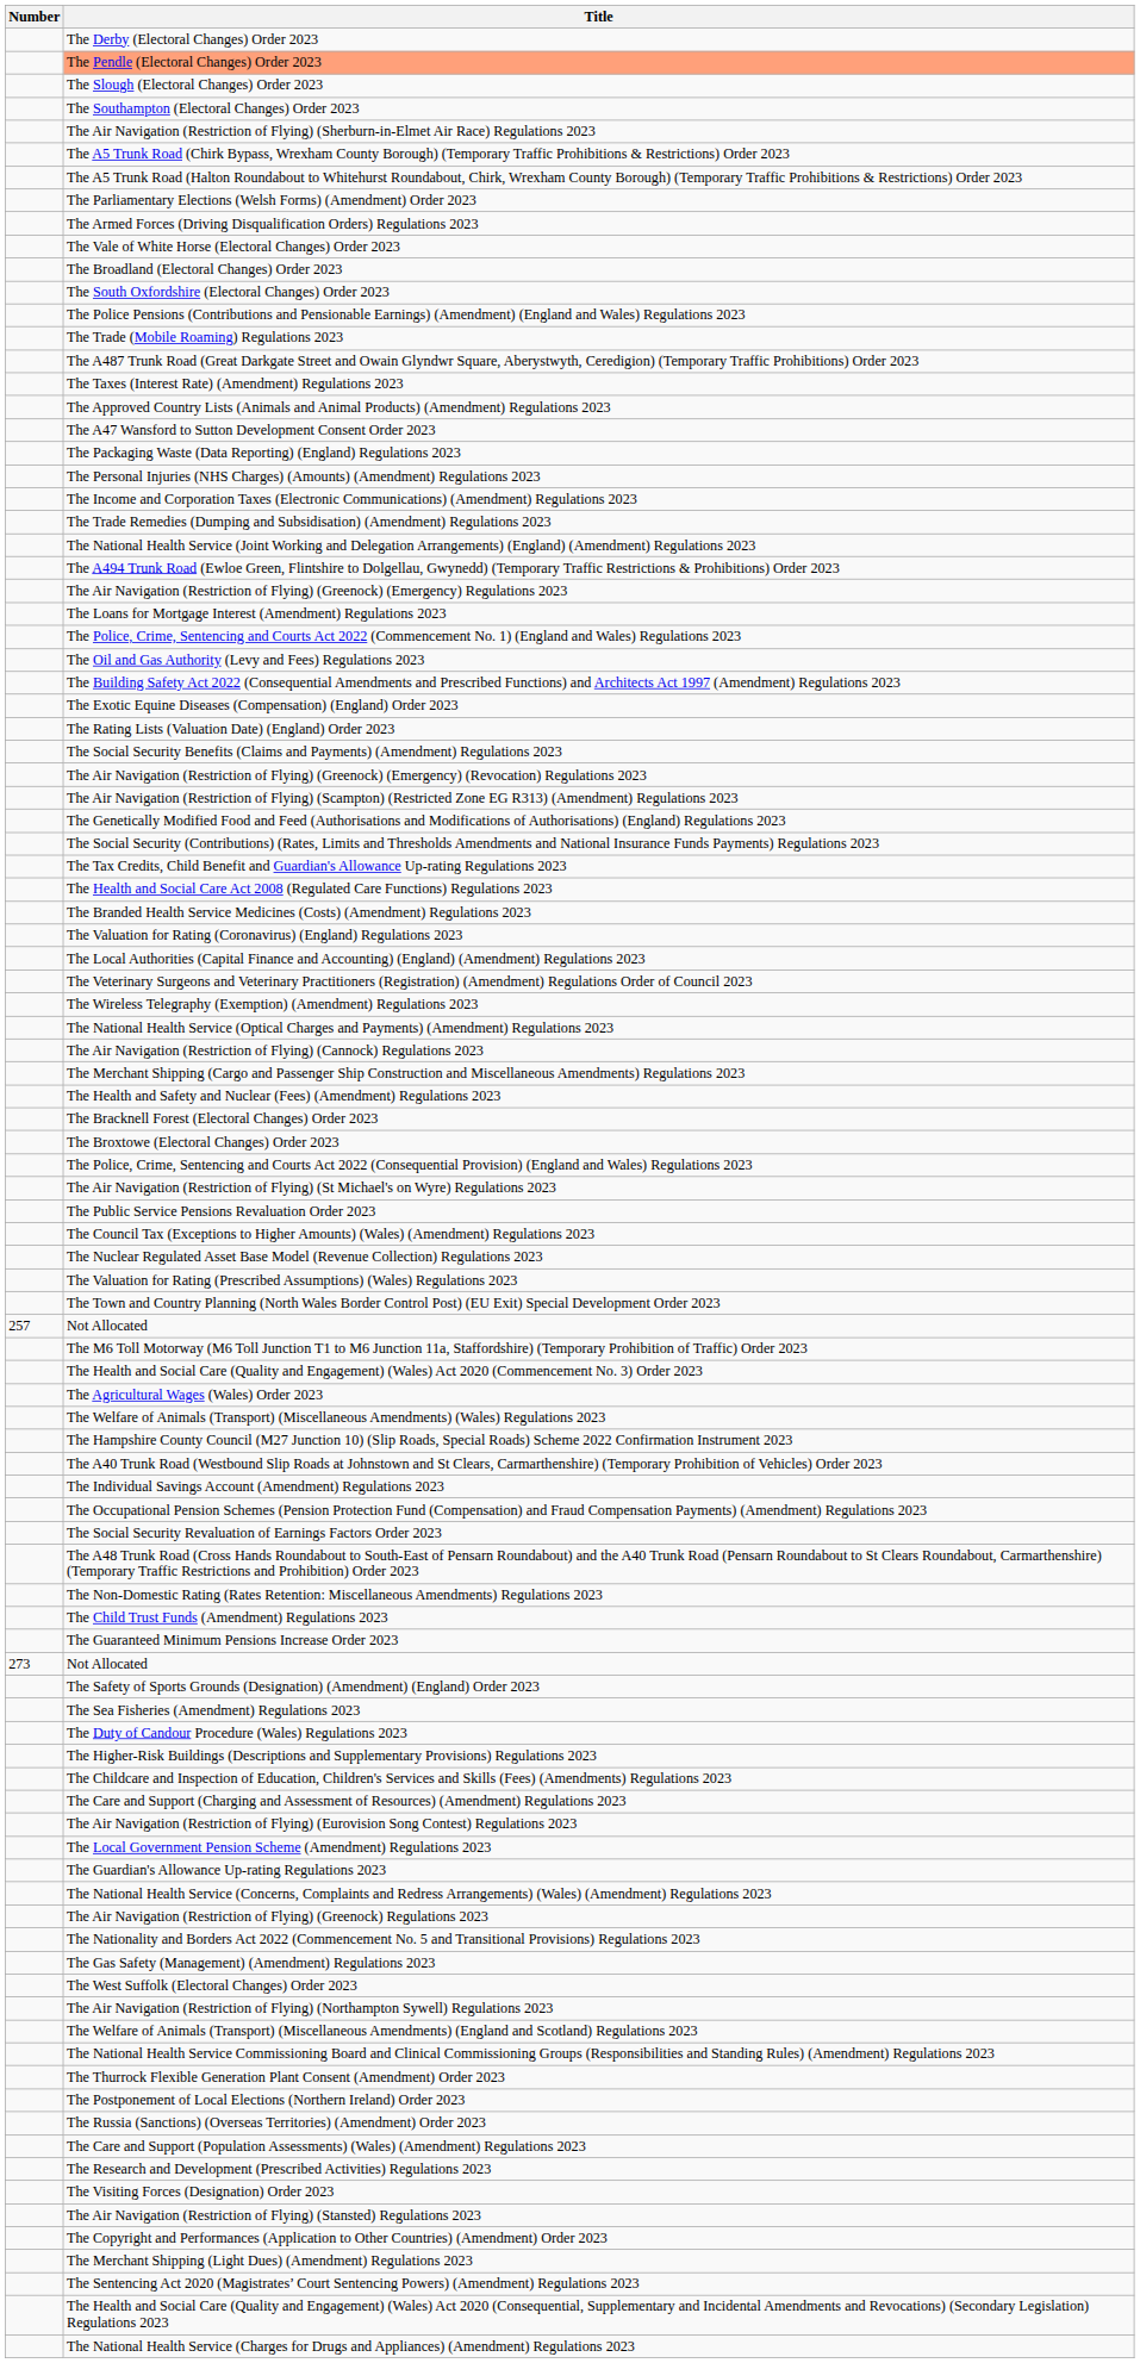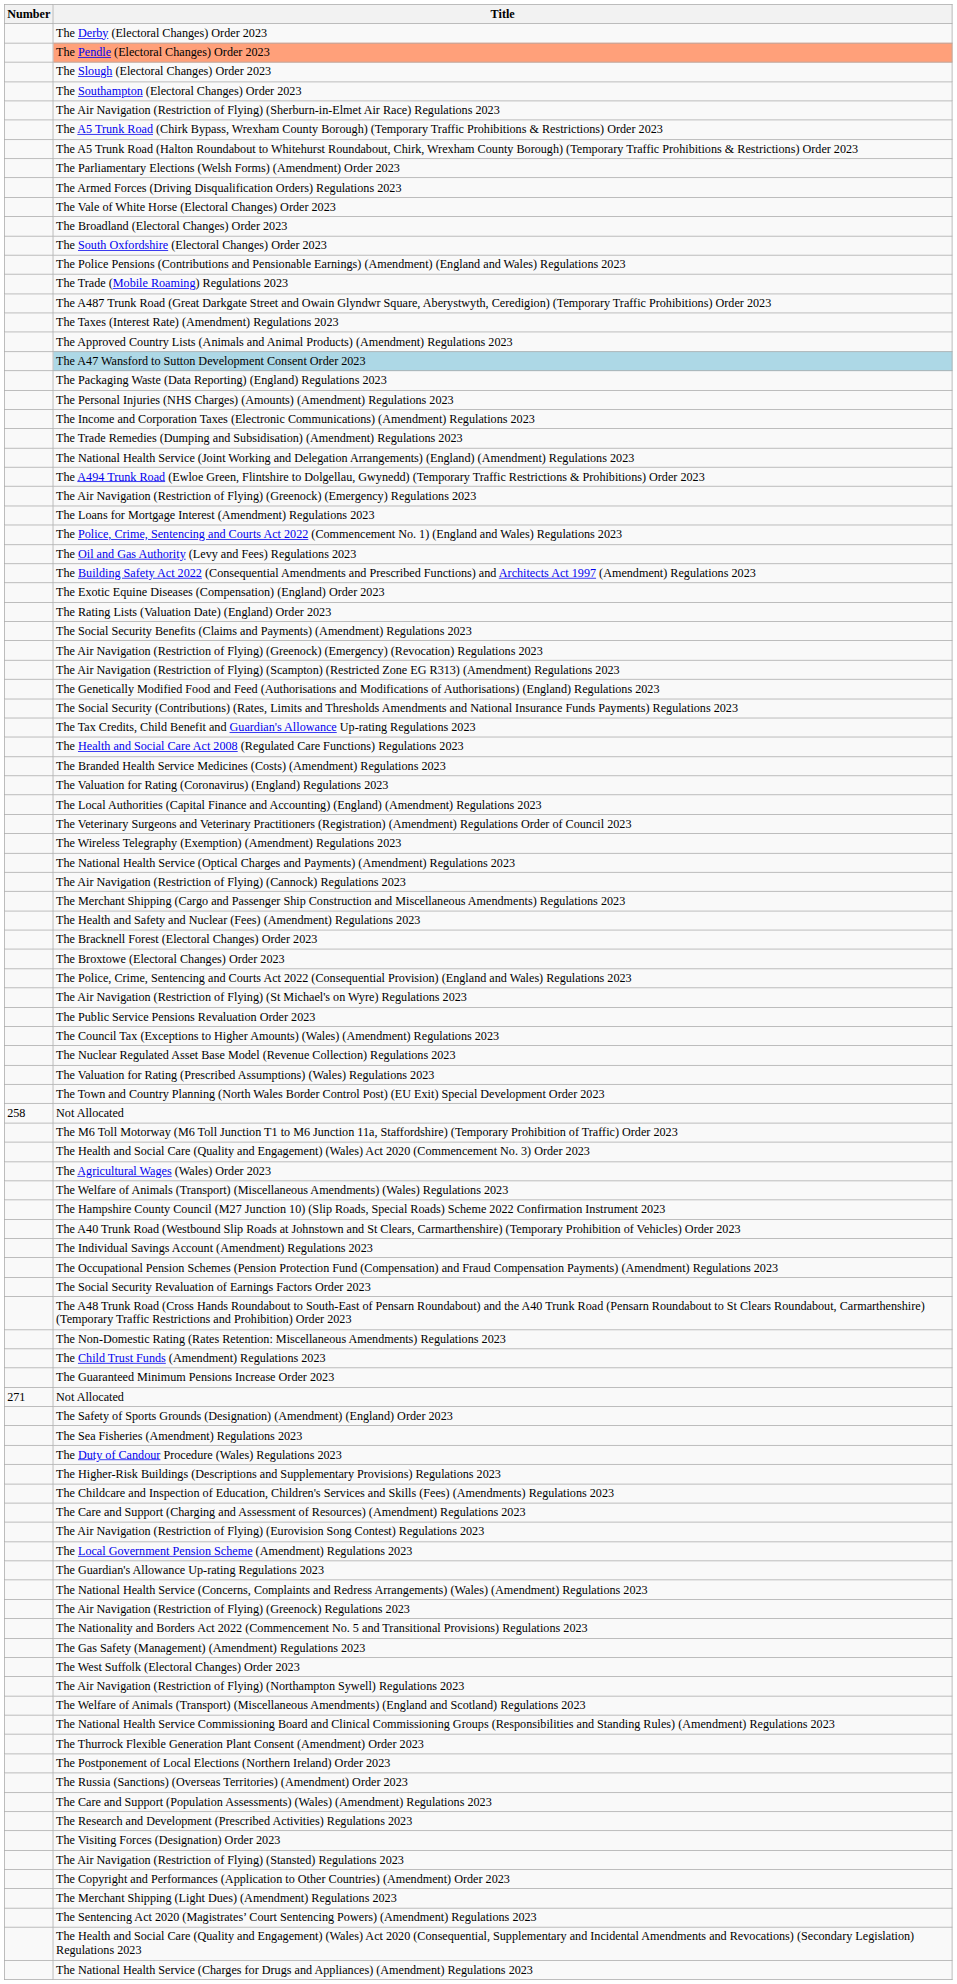 <table class="wikitable collapsible">
 <tr>
 <th>Number</th>
 <th>Title</th>
 </tr>
 <tr>
 <td></td>
 <td>The <a href='#'>Derby</a> (Electoral Changes) Order 2023</td>
 </tr>
 <tr>
 <td></td>
 <td style="background: lightsalmon;">The <a href='#'>Pendle</a> (Electoral Changes) Order 2023</td>
 </tr>
 <tr>
 <td></td>
 <td>The <a href='#'>Slough</a> (Electoral Changes) Order 2023</td>
 </tr>
 <tr>
 <td></td>
 <td>The <a href='#'>Southampton</a> (Electoral Changes) Order 2023</td>
 </tr>
 <tr>
 <td></td>
 <td>The Air Navigation (Restriction of Flying) (Sherburn-in-Elmet Air Race) Regulations 2023</td>
 </tr>
 <tr>
 <td></td>
 <td>The <a href='#'>A5 Trunk Road</a> (Chirk Bypass, Wrexham County Borough) (Temporary Traffic Prohibitions & Restrictions) Order 2023</td>
 </tr>
 <tr>
 <td></td>
 <td>The A5 Trunk Road (Halton Roundabout to Whitehurst Roundabout, Chirk, Wrexham County Borough) (Temporary Traffic Prohibitions & Restrictions) Order 2023</td>
 </tr>
 <tr>
 <td></td>
 <td>The Parliamentary Elections (Welsh Forms) (Amendment) Order 2023</td>
 </tr>
 <tr>
 <td></td>
 <td>The Armed Forces (Driving Disqualification Orders) Regulations 2023</td>
 </tr>
 <tr>
 <td></td>
 <td>The Vale of White Horse (Electoral Changes) Order 2023</td>
 </tr>
 <tr>
 <td></td>
 <td>The Broadland (Electoral Changes) Order 2023</td>
 </tr>
 <tr>
 <td></td>
 <td>The <a href='#'>South Oxfordshire</a> (Electoral Changes) Order 2023</td>
 </tr>
 <tr>
 <td></td>
 <td>The Police Pensions (Contributions and Pensionable Earnings) (Amendment) (England and Wales) Regulations 2023</td>
 </tr>
 <tr>
 <td></td>
 <td>The Trade (<a href='#'>Mobile Roaming</a>) Regulations 2023</td>
 </tr>
 <tr>
 <td></td>
 <td>The A487 Trunk Road (Great Darkgate Street and Owain Glyndwr Square, Aberystwyth, Ceredigion) (Temporary Traffic Prohibitions) Order 2023</td>
 </tr>
 <tr>
 <td></td>
 <td>The Taxes (Interest Rate) (Amendment) Regulations 2023</td>
 </tr>
 <tr>
 <td></td>
 <td>The Approved Country Lists (Animals and Animal Products) (Amendment) Regulations 2023</td>
 </tr>
 <tr>
 <td></td>
-<td>The A47 Wansford to Sutton Development Consent Order 2023</td>
+<td style="background: lightblue;">The A47 Wansford to Sutton Development Consent Order 2023</td>
 </tr>
 <tr>
 <td></td>
 <td>The Packaging Waste (Data Reporting) (England) Regulations 2023</td>
 </tr>
 <tr>
 <td></td>
 <td>The Personal Injuries (NHS Charges) (Amounts) (Amendment) Regulations 2023</td>
 </tr>
 <tr>
 <td></td>
 <td>The Income and Corporation Taxes (Electronic Communications) (Amendment) Regulations 2023</td>
 </tr>
 <tr>
 <td></td>
 <td>The Trade Remedies (Dumping and Subsidisation) (Amendment) Regulations 2023</td>
 </tr>
 <tr>
 <td></td>
 <td>The National Health Service (Joint Working and Delegation Arrangements) (England) (Amendment) Regulations 2023</td>
 </tr>
 <tr>
 <td></td>
 <td>The <a href='#'>A494 Trunk Road</a> (Ewloe Green, Flintshire to Dolgellau, Gwynedd) (Temporary Traffic Restrictions & Prohibitions) Order 2023</td>
 </tr>
 <tr>
 <td></td>
 <td>The Air Navigation (Restriction of Flying) (Greenock) (Emergency) Regulations 2023</td>
 </tr>
 <tr>
 <td></td>
 <td>The Loans for Mortgage Interest (Amendment) Regulations 2023</td>
 </tr>
 <tr>
 <td></td>
 <td>The <a href='#'>Police, Crime, Sentencing and Courts Act 2022</a> (Commencement No. 1) (England and Wales) Regulations 2023</td>
 </tr>
 <tr>
 <td></td>
 <td>The <a href='#'>Oil and Gas Authority</a> (Levy and Fees) Regulations 2023</td>
 </tr>
 <tr>
 <td></td>
 <td>The <a href='#'>Building Safety Act 2022</a> (Consequential Amendments and Prescribed Functions) and <a href='#'>Architects Act 1997</a> (Amendment) Regulations 2023</td>
 </tr>
 <tr>
 <td></td>
 <td>The Exotic Equine Diseases (Compensation) (England) Order 2023</td>
 </tr>
 <tr>
 <td></td>
 <td>The Rating Lists (Valuation Date) (England) Order 2023</td>
 </tr>
 <tr>
 <td></td>
 <td>The Social Security Benefits (Claims and Payments) (Amendment) Regulations 2023</td>
 </tr>
 <tr>
 <td></td>
 <td>The Air Navigation (Restriction of Flying) (Greenock) (Emergency) (Revocation) Regulations 2023</td>
 </tr>
 <tr>
 <td></td>
 <td>The Air Navigation (Restriction of Flying) (Scampton) (Restricted Zone EG R313) (Amendment) Regulations 2023</td>
 </tr>
 <tr>
 <td></td>
 <td>The Genetically Modified Food and Feed (Authorisations and Modifications of Authorisations) (England) Regulations 2023</td>
 </tr>
 <tr>
 <td></td>
 <td>The Social Security (Contributions) (Rates, Limits and Thresholds Amendments and National Insurance Funds Payments) Regulations 2023</td>
 </tr>
 <tr>
 <td></td>
 <td>The Tax Credits, Child Benefit and <a href='#'>Guardian's Allowance</a> Up-rating Regulations 2023</td>
 </tr>
 <tr>
 <td></td>
 <td>The <a href='#'>Health and Social Care Act 2008</a> (Regulated Care Functions) Regulations 2023</td>
 </tr>
 <tr>
 <td></td>
 <td>The Branded Health Service Medicines (Costs) (Amendment) Regulations 2023</td>
 </tr>
 <tr>
 <td></td>
 <td>The Valuation for Rating (Coronavirus) (England) Regulations 2023</td>
 </tr>
 <tr>
 <td></td>
 <td>The Local Authorities (Capital Finance and Accounting) (England) (Amendment) Regulations 2023</td>
 </tr>
 <tr>
 <td></td>
 <td>The Veterinary Surgeons and Veterinary Practitioners (Registration) (Amendment) Regulations Order of Council 2023</td>
 </tr>
 <tr>
 <td></td>
 <td>The Wireless Telegraphy (Exemption) (Amendment) Regulations 2023</td>
 </tr>
 <tr>
 <td></td>
 <td>The National Health Service (Optical Charges and Payments) (Amendment) Regulations 2023</td>
 </tr>
 <tr>
 <td></td>
 <td>The Air Navigation (Restriction of Flying) (Cannock) Regulations 2023</td>
 </tr>
 <tr>
 <td></td>
 <td>The Merchant Shipping (Cargo and Passenger Ship Construction and Miscellaneous Amendments) Regulations 2023</td>
 </tr>
 <tr>
 <td></td>
 <td>The Health and Safety and Nuclear (Fees) (Amendment) Regulations 2023</td>
 </tr>
 <tr>
 <td></td>
 <td>The Bracknell Forest (Electoral Changes) Order 2023</td>
 </tr>
 <tr>
 <td></td>
 <td>The Broxtowe (Electoral Changes) Order 2023</td>
 </tr>
 <tr>
 <td></td>
 <td>The Police, Crime, Sentencing and Courts Act 2022 (Consequential Provision) (England and Wales) Regulations 2023</td>
 </tr>
 <tr>
 <td></td>
 <td>The Air Navigation (Restriction of Flying) (St Michael's on Wyre) Regulations 2023</td>
 </tr>
 <tr>
 <td></td>
 <td>The Public Service Pensions Revaluation Order 2023</td>
 </tr>
 <tr>
 <td></td>
 <td>The Council Tax (Exceptions to Higher Amounts) (Wales) (Amendment) Regulations 2023</td>
 </tr>
 <tr>
 <td></td>
 <td>The Nuclear Regulated Asset Base Model (Revenue Collection) Regulations 2023</td>
 </tr>
 <tr>
 <td></td>
 <td>The Valuation for Rating (Prescribed Assumptions) (Wales) Regulations 2023</td>
 </tr>
 <tr>
 <td></td>
 <td>The Town and Country Planning (North Wales Border Control Post) (EU Exit) Special Development Order 2023</td>
 </tr>
 <tr>
-<td>257</td>
+<td>258</td>
 <td>Not Allocated</td>
 </tr>
 <tr>
 <td></td>
 <td>The M6 Toll Motorway (M6 Toll Junction T1 to M6 Junction 11a, Staffordshire) (Temporary Prohibition of Traffic) Order 2023</td>
 </tr>
 <tr>
 <td></td>
 <td>The Health and Social Care (Quality and Engagement) (Wales) Act 2020 (Commencement No. 3) Order 2023</td>
 </tr>
 <tr>
 <td></td>
 <td>The <a href='#'>Agricultural Wages</a> (Wales) Order 2023</td>
 </tr>
 <tr>
 <td></td>
 <td>The Welfare of Animals (Transport) (Miscellaneous Amendments) (Wales) Regulations 2023</td>
 </tr>
 <tr>
 <td></td>
 <td>The Hampshire County Council (M27 Junction 10) (Slip Roads, Special Roads) Scheme 2022 Confirmation Instrument 2023</td>
 </tr>
 <tr>
 <td></td>
 <td>The A40 Trunk Road (Westbound Slip Roads at Johnstown and St Clears, Carmarthenshire) (Temporary Prohibition of Vehicles) Order 2023</td>
 </tr>
 <tr>
 <td></td>
 <td>The Individual Savings Account (Amendment) Regulations 2023</td>
 </tr>
 <tr>
 <td></td>
 <td>The Occupational Pension Schemes (Pension Protection Fund (Compensation) and Fraud Compensation Payments) (Amendment) Regulations 2023</td>
 </tr>
 <tr>
 <td></td>
 <td>The Social Security Revaluation of Earnings Factors Order 2023</td>
 </tr>
 <tr>
 <td></td>
 <td>The A48 Trunk Road (Cross Hands Roundabout to South-East of Pensarn Roundabout) and the A40 Trunk Road (Pensarn Roundabout to St Clears Roundabout, Carmarthenshire) (Temporary Traffic Restrictions and Prohibition) Order 2023</td>
 </tr>
 <tr>
 <td></td>
 <td>The Non-Domestic Rating (Rates Retention: Miscellaneous Amendments) Regulations 2023</td>
 </tr>
 <tr>
 <td></td>
 <td>The <a href='#'>Child Trust Funds</a> (Amendment) Regulations 2023</td>
 </tr>
 <tr>
 <td></td>
 <td>The Guaranteed Minimum Pensions Increase Order 2023</td>
 </tr>
 <tr>
-<td>273</td>
+<td>271</td>
 <td>Not Allocated</td>
 </tr>
 <tr>
 <td></td>
 <td>The Safety of Sports Grounds (Designation) (Amendment) (England) Order 2023</td>
 </tr>
 <tr>
 <td></td>
 <td>The Sea Fisheries (Amendment) Regulations 2023</td>
 </tr>
 <tr>
 <td></td>
 <td>The <a href='#'>Duty of Candour</a> Procedure (Wales) Regulations 2023</td>
 </tr>
 <tr>
 <td></td>
 <td>The Higher-Risk Buildings (Descriptions and Supplementary Provisions) Regulations 2023</td>
 </tr>
 <tr>
 <td></td>
 <td>The Childcare and Inspection of Education, Children's Services and Skills (Fees) (Amendments) Regulations 2023</td>
 </tr>
 <tr>
 <td></td>
 <td>The Care and Support (Charging and Assessment of Resources) (Amendment) Regulations 2023</td>
 </tr>
 <tr>
 <td></td>
 <td>The Air Navigation (Restriction of Flying) (Eurovision Song Contest) Regulations 2023</td>
 </tr>
 <tr>
 <td></td>
 <td>The <a href='#'>Local Government Pension Scheme</a> (Amendment) Regulations 2023</td>
 </tr>
 <tr>
 <td></td>
 <td>The Guardian's Allowance Up-rating Regulations 2023</td>
 </tr>
 <tr>
 <td></td>
 <td>The National Health Service (Concerns, Complaints and Redress Arrangements) (Wales) (Amendment) Regulations 2023</td>
 </tr>
 <tr>
 <td></td>
 <td>The Air Navigation (Restriction of Flying) (Greenock) Regulations 2023</td>
 </tr>
 <tr>
 <td></td>
 <td>The Nationality and Borders Act 2022 (Commencement No. 5 and Transitional Provisions) Regulations 2023</td>
 </tr>
 <tr>
 <td></td>
 <td>The Gas Safety (Management) (Amendment) Regulations 2023</td>
 </tr>
 <tr>
 <td></td>
 <td>The West Suffolk (Electoral Changes) Order 2023</td>
 </tr>
 <tr>
 <td></td>
 <td>The Air Navigation (Restriction of Flying) (Northampton Sywell) Regulations 2023</td>
 </tr>
 <tr>
 <td></td>
 <td>The Welfare of Animals (Transport) (Miscellaneous Amendments) (England and Scotland) Regulations 2023</td>
 </tr>
 <tr>
 <td></td>
 <td>The National Health Service Commissioning Board and Clinical Commissioning Groups (Responsibilities and Standing Rules) (Amendment) Regulations 2023</td>
 </tr>
 <tr>
 <td></td>
 <td>The Thurrock Flexible Generation Plant Consent (Amendment) Order 2023</td>
 </tr>
 <tr>
 <td></td>
 <td>The Postponement of Local Elections (Northern Ireland) Order 2023</td>
 </tr>
 <tr>
 <td></td>
 <td>The Russia (Sanctions) (Overseas Territories) (Amendment) Order 2023</td>
 </tr>
 <tr>
 <td></td>
 <td>The Care and Support (Population Assessments) (Wales) (Amendment) Regulations 2023</td>
 </tr>
 <tr>
 <td></td>
 <td>The Research and Development (Prescribed Activities) Regulations 2023</td>
 </tr>
 <tr>
 <td></td>
 <td>The Visiting Forces (Designation) Order 2023</td>
 </tr>
 <tr>
 <td></td>
 <td>The Air Navigation (Restriction of Flying) (Stansted) Regulations 2023</td>
 </tr>
 <tr>
 <td></td>
 <td>The Copyright and Performances (Application to Other Countries) (Amendment) Order 2023</td>
 </tr>
 <tr>
 <td></td>
 <td>The Merchant Shipping (Light Dues) (Amendment) Regulations 2023</td>
 </tr>
 <tr>
 <td></td>
 <td>The Sentencing Act 2020 (Magistrates’ Court Sentencing Powers) (Amendment) Regulations 2023</td>
 </tr>
 <tr>
 <td></td>
 <td>The Health and Social Care (Quality and Engagement) (Wales) Act 2020 (Consequential, Supplementary and Incidental Amendments and Revocations) (Secondary Legislation) Regulations 2023</td>
 </tr>
 <tr>
 <td></td>
 <td>The National Health Service (Charges for Drugs and Appliances) (Amendment) Regulations 2023</td>
 </tr>
 </table>
